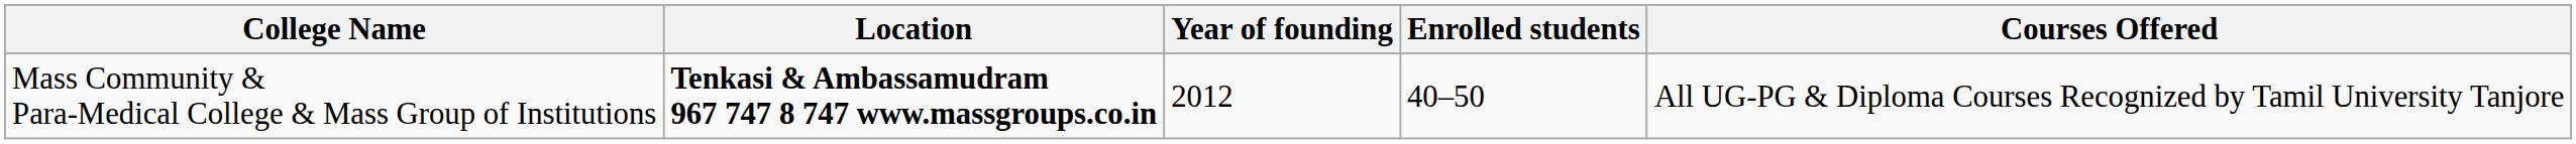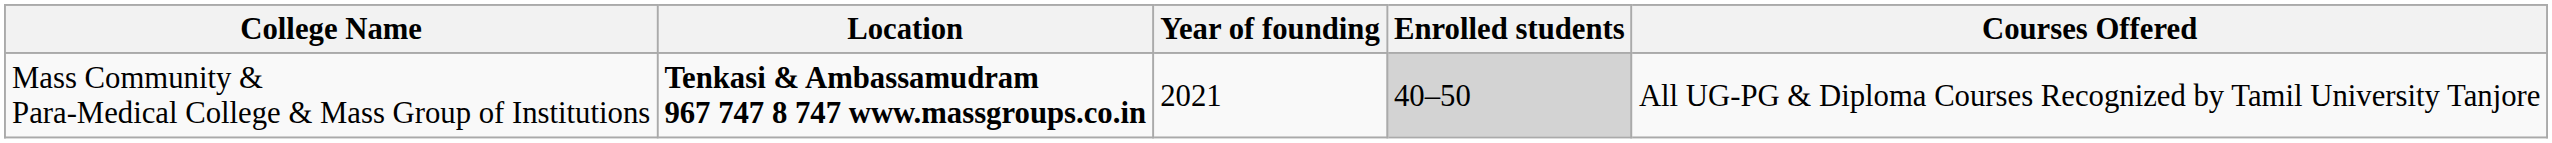 <table class="wikitable">
 <tr>
 <th>College Name</th>
 <th>Location</th>
 <th>Year of founding</th>
 <th>Enrolled students</th>
 <th>Courses Offered</th>
 </tr>
 <tr>
 <td>Mass Community &<br>Para-Medical College &  Mass Group of Institutions</td>
 <td><strong>Tenkasi & Ambassamudram<br>967 747 8 747  www.massgroups.co.in</strong></td>
-<td>2012</td>
-<td>40–50</td>
+<td>2021</td>
+<td style="background: lightgrey;">40–50</td>
 <td>All UG-PG & Diploma Courses Recognized by Tamil University Tanjore</td>
 </tr>
 </table>
